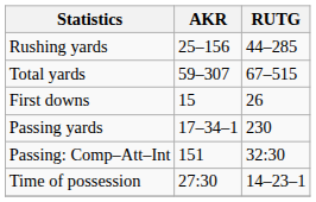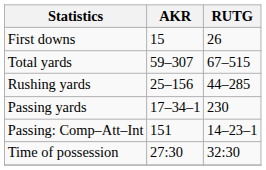 <table class="wikitable" style="float: left;">
 <tr>
 <th>Statistics</th>
 <th>AKR</th>
 <th>RUTG</th>
 </tr>
 <tr>
-<td>Rushing yards</td>
-<td>25–156</td>
-<td>44–285</td>
+<td>First downs</td>
+<td>15</td>
+<td>26</td>
 </tr>
 <tr>
 <td>Total yards</td>
 <td>59–307</td>
 <td>67–515</td>
 </tr>
 <tr>
-<td>First downs</td>
-<td>15</td>
-<td>26</td>
+<td>Rushing yards</td>
+<td>25–156</td>
+<td>44–285</td>
 </tr>
 <tr>
 <td>Passing yards</td>
 <td>17–34–1</td>
 <td>230</td>
 </tr>
 <tr>
 <td>Passing: Comp–Att–Int</td>
 <td>151</td>
-<td>32:30</td>
+<td>14–23–1</td>
 </tr>
 <tr>
 <td>Time of possession</td>
 <td>27:30</td>
-<td>14–23–1</td>
+<td>32:30</td>
 </tr>
 <tr>
 </tr>
 </table>
